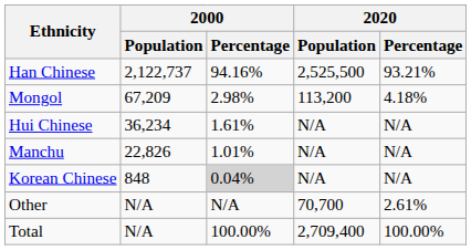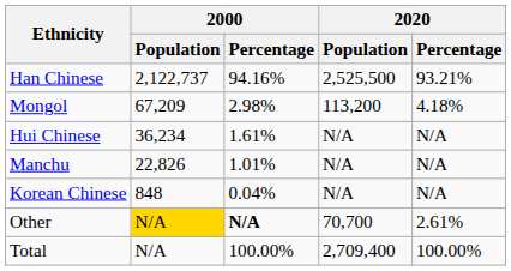 <table class="wikitable sortable">
 <tr>
 <th rowspan="2">Ethnicity</th>
 <th colspan="2">2000</th>
 <th colspan="2">2020</th>
 </tr>
 <tr class="hintergrundfarbe5">
 <th>Population</th>
 <th>Percentage</th>
 <th>Population</th>
 <th>Percentage</th>
 </tr>
 <tr>
 <td><a href='#'>Han Chinese</a></td>
 <td>2,122,737</td>
 <td>94.16%</td>
 <td>2,525,500</td>
 <td>93.21%</td>
 </tr>
 <tr>
 <td><a href='#'>Mongol</a></td>
 <td>67,209</td>
 <td>2.98%</td>
 <td>113,200</td>
 <td>4.18%</td>
 </tr>
 <tr>
 <td><a href='#'>Hui Chinese</a></td>
 <td>36,234</td>
 <td>1.61%</td>
 <td>N/A</td>
 <td>N/A</td>
 </tr>
 <tr>
 <td><a href='#'>Manchu</a></td>
 <td>22,826</td>
 <td>1.01%</td>
 <td>N/A</td>
 <td>N/A</td>
 </tr>
 <tr>
 <td><a href='#'>Korean Chinese</a></td>
 <td>848</td>
-<td style="background: lightgrey;">0.04%</td>
+<td>0.04%</td>
 <td>N/A</td>
 <td>N/A</td>
 </tr>
 <tr>
 <td>Other</td>
-<td>N/A</td>
-<td>N/A</td>
+<td style="background: gold;">N/A</td>
+<td><strong>N/A</strong></td>
 <td>70,700</td>
 <td>2.61%</td>
 </tr>
 <tr>
 <td>Total</td>
 <td>N/A</td>
 <td>100.00%</td>
 <td>2,709,400</td>
 <td>100.00%</td>
 </tr>
 </table>
